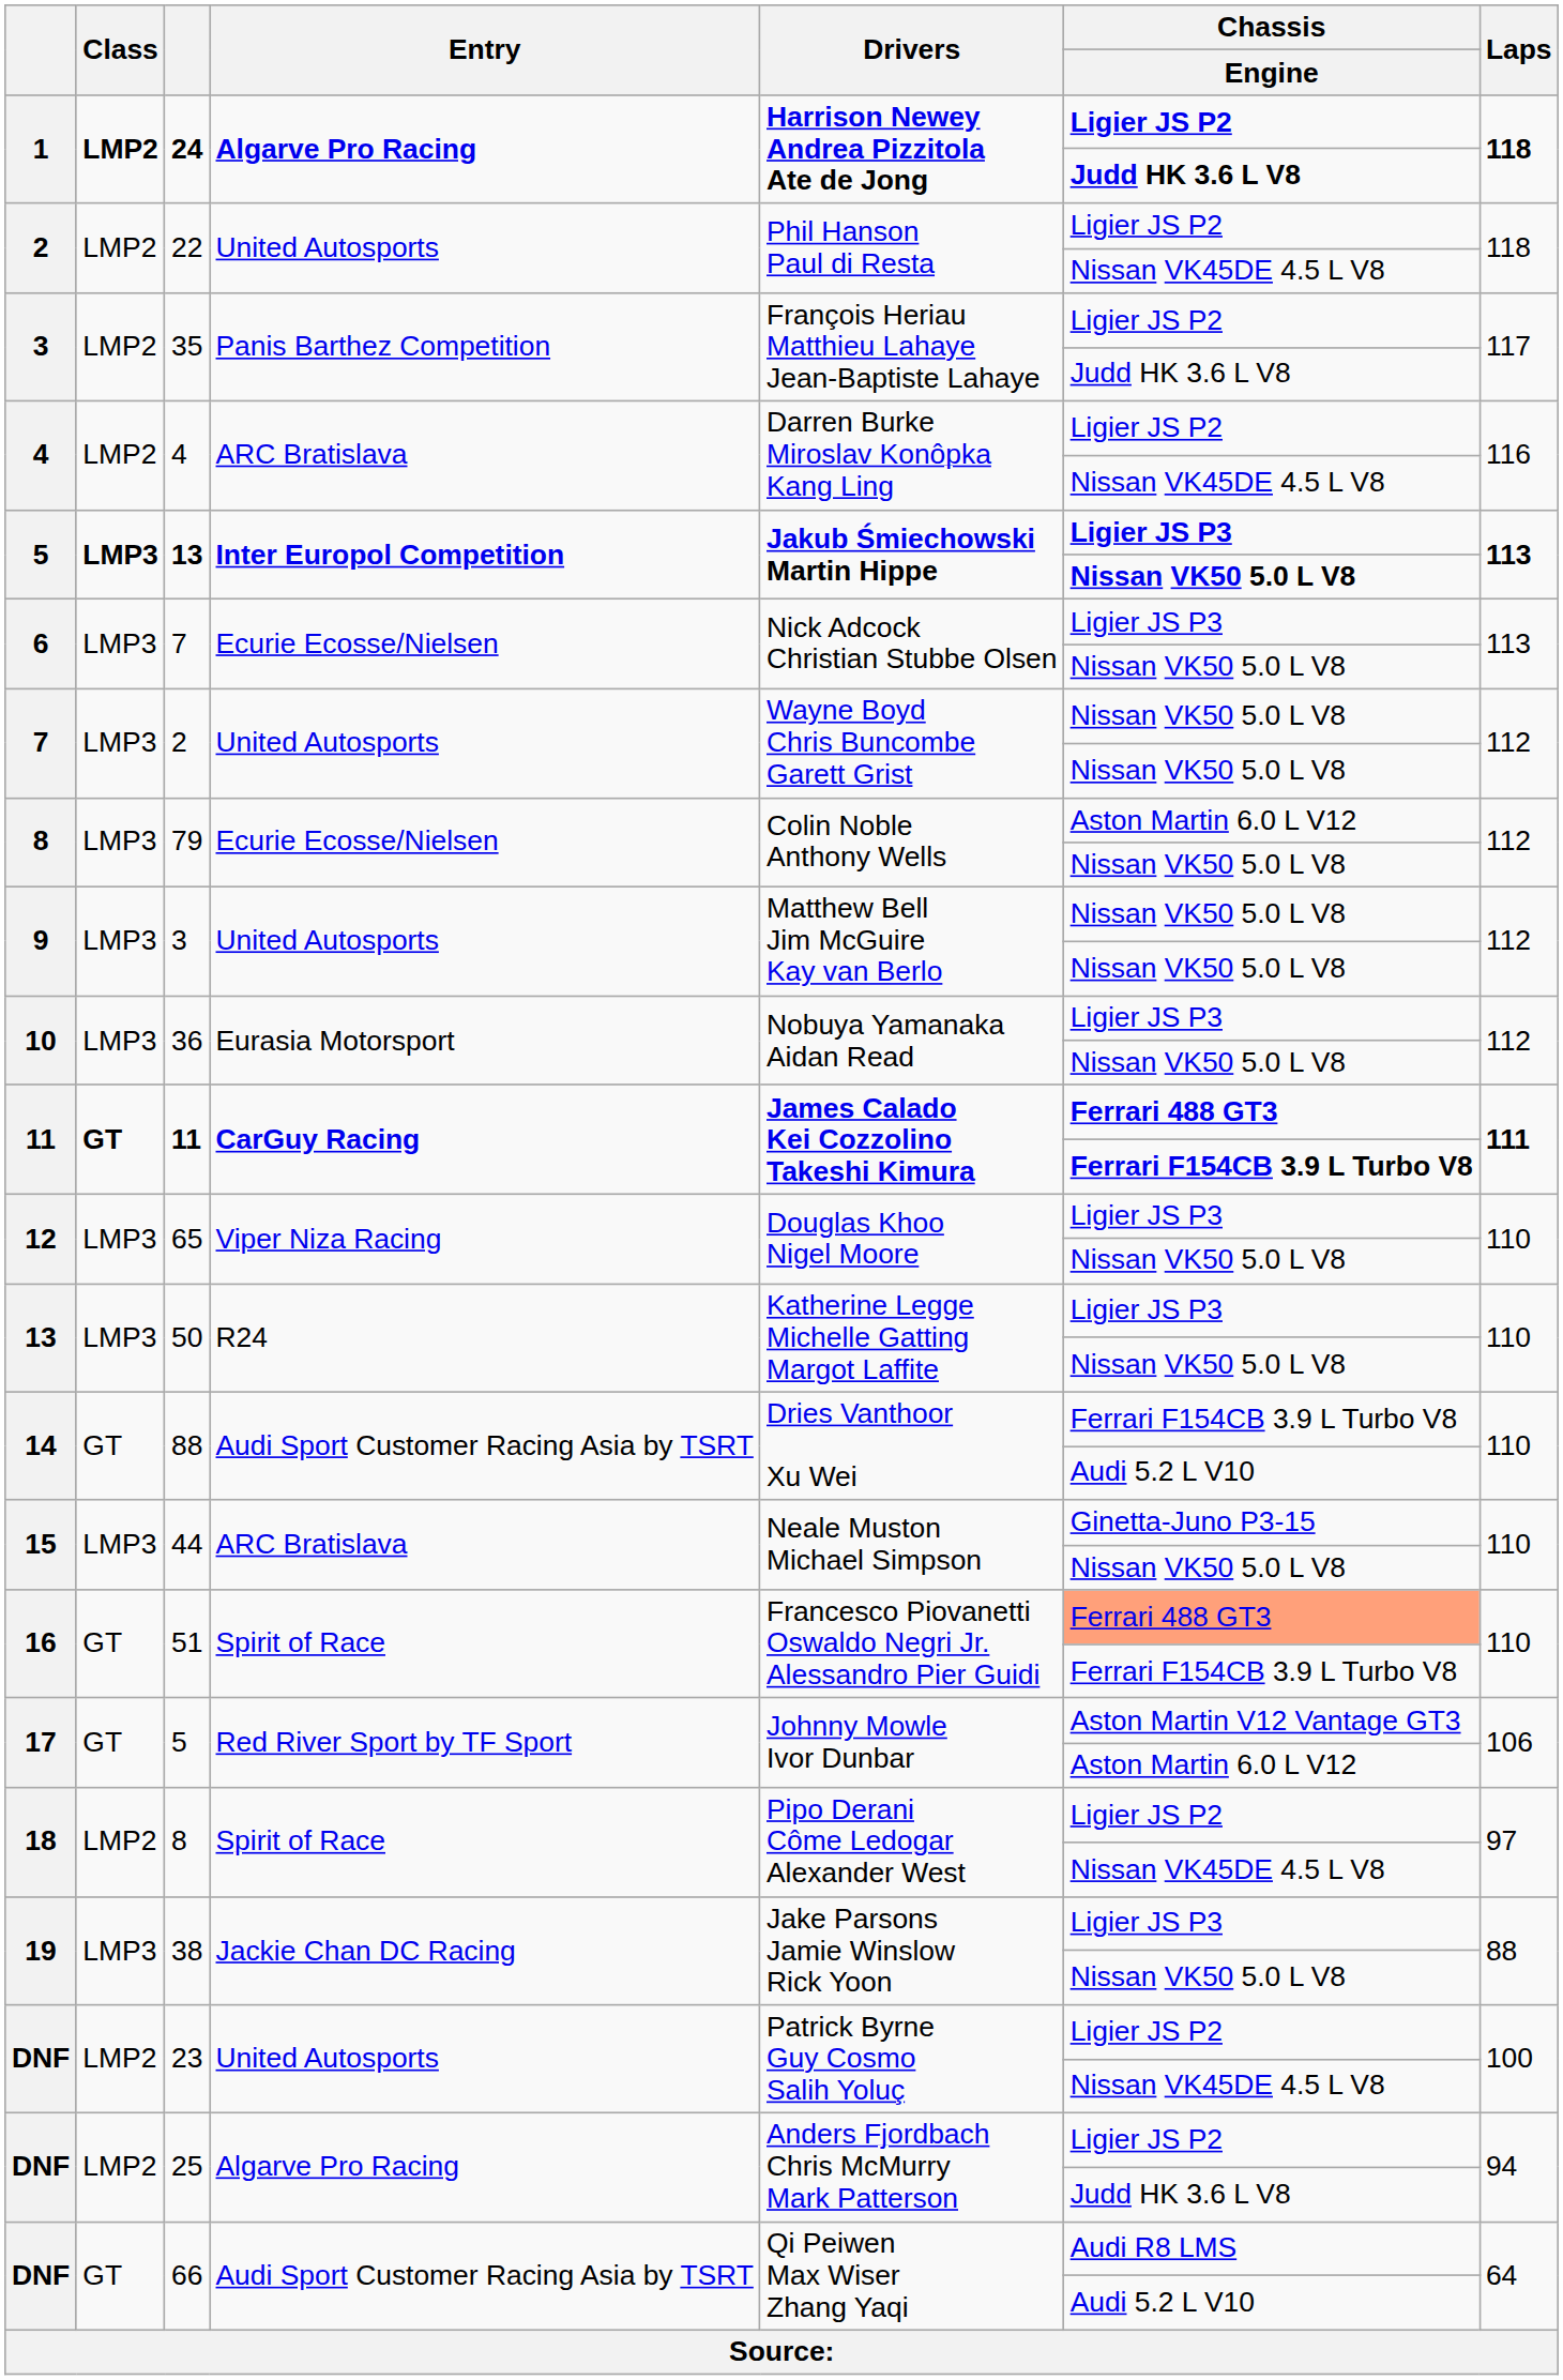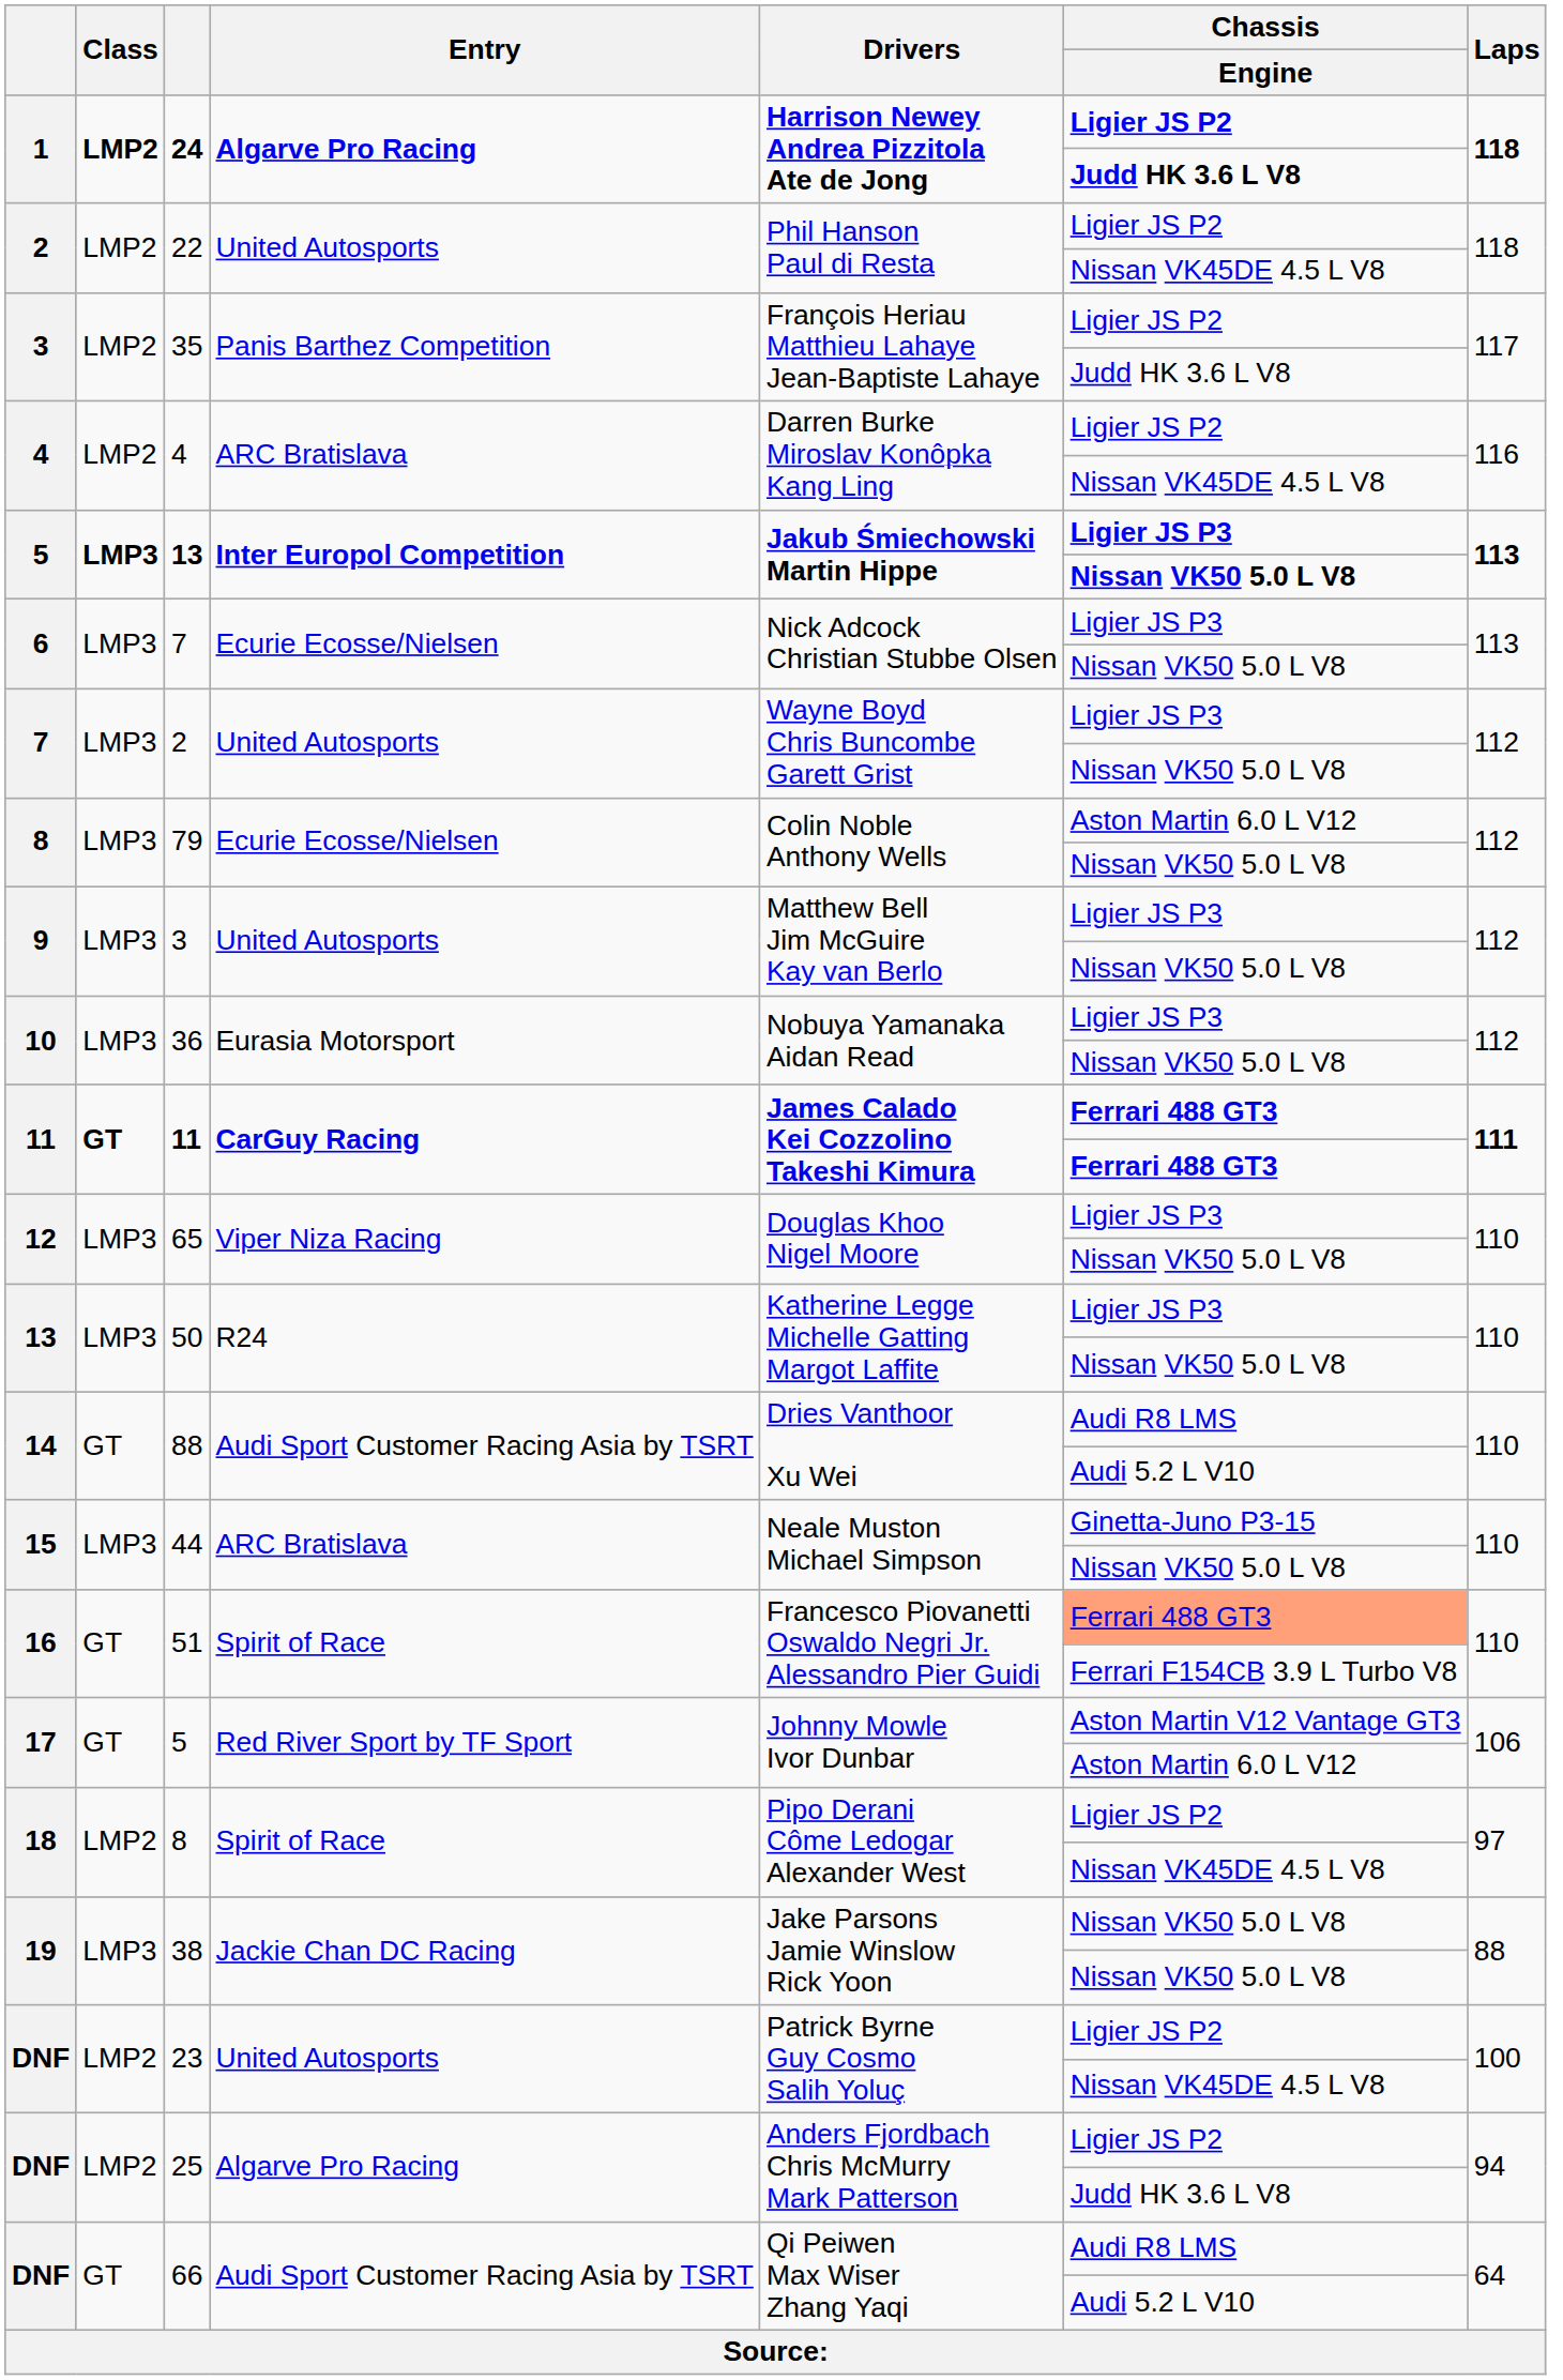 <table class="wikitable">
 <tr>
 <th rowspan="2"></th>
 <th rowspan="2">Class</th>
 <th rowspan="2"></th>
 <th rowspan="2">Entry</th>
 <th rowspan="2">Drivers</th>
 <th>Chassis</th>
 <th rowspan="2">Laps</th>
 </tr>
 <tr>
 <th>Engine</th>
 </tr>
 <tr>
 <th rowspan="2"><strong>1</strong></th>
 <td rowspan="2"><strong>LMP2</strong></td>
 <td rowspan="2"><strong>24</strong></td>
 <td rowspan="2"><strong> <a href='#'>Algarve Pro Racing</a></strong></td>
 <td rowspan="2"><strong> <a href='#'>Harrison Newey</a><br> <a href='#'>Andrea Pizzitola</a><br> Ate de Jong</strong></td>
 <td><strong><a href='#'>Ligier JS P2</a></strong></td>
 <td rowspan="2"><strong>118</strong></td>
 </tr>
 <tr>
 <td><strong><a href='#'>Judd</a> HK 3.6 L V8</strong></td>
 </tr>
 <tr>
 <th rowspan="2">2</th>
 <td rowspan="2">LMP2</td>
 <td rowspan="2">22</td>
 <td rowspan="2"> <a href='#'>United Autosports</a></td>
 <td rowspan="2"> <a href='#'>Phil Hanson</a><br> <a href='#'>Paul di Resta</a></td>
 <td><a href='#'>Ligier JS P2</a></td>
 <td rowspan="2">118</td>
 </tr>
 <tr>
 <td><a href='#'>Nissan</a> <a href='#'>VK45DE</a> 4.5 L V8</td>
 </tr>
 <tr>
 <th rowspan="2">3</th>
 <td rowspan="2">LMP2</td>
 <td rowspan="2">35</td>
 <td rowspan="2"> <a href='#'>Panis Barthez Competition</a></td>
 <td rowspan="2"> François Heriau<br> <a href='#'>Matthieu Lahaye</a><br> Jean-Baptiste Lahaye</td>
 <td><a href='#'>Ligier JS P2</a></td>
 <td rowspan="2">117</td>
 </tr>
 <tr>
 <td><a href='#'>Judd</a> HK 3.6 L V8</td>
 </tr>
 <tr>
 <th rowspan="2">4</th>
 <td rowspan="2">LMP2</td>
 <td rowspan="2">4</td>
 <td rowspan="2"> <a href='#'>ARC Bratislava</a></td>
 <td rowspan="2"> Darren Burke<br> <a href='#'>Miroslav Konôpka</a><br> <a href='#'>Kang Ling</a></td>
 <td><a href='#'>Ligier JS P2</a></td>
 <td rowspan="2">116</td>
 </tr>
 <tr>
 <td><a href='#'>Nissan</a> <a href='#'>VK45DE</a> 4.5 L V8</td>
 </tr>
 <tr>
 <th rowspan="2"><strong>5</strong></th>
 <td rowspan="2"><strong>LMP3</strong></td>
 <td rowspan="2"><strong>13</strong></td>
 <td rowspan="2"><strong> <a href='#'>Inter Europol Competition</a></strong></td>
 <td rowspan="2"><strong> <a href='#'>Jakub Śmiechowski</a><br> Martin Hippe</strong></td>
 <td><strong><a href='#'>Ligier JS P3</a></strong></td>
 <td rowspan="2"><strong>113</strong></td>
 </tr>
 <tr>
 <td><strong><a href='#'>Nissan</a> <a href='#'>VK50</a> 5.0 L V8</strong></td>
 </tr>
 <tr>
 <th rowspan="2">6</th>
 <td rowspan="2">LMP3</td>
 <td rowspan="2">7</td>
 <td rowspan="2"> <a href='#'>Ecurie Ecosse/Nielsen</a></td>
 <td rowspan="2"> Nick Adcock<br> Christian Stubbe Olsen</td>
 <td><a href='#'>Ligier JS P3</a></td>
 <td rowspan="2">113</td>
 </tr>
 <tr>
 <td><a href='#'>Nissan</a> <a href='#'>VK50</a> 5.0 L V8</td>
 </tr>
 <tr>
 <th rowspan="2">7</th>
 <td rowspan="2">LMP3</td>
 <td rowspan="2">2</td>
 <td rowspan="2"> <a href='#'>United Autosports</a></td>
 <td rowspan="2"> <a href='#'>Wayne Boyd</a><br> <a href='#'>Chris Buncombe</a><br> <a href='#'>Garett Grist</a></td>
-<td><a href='#'>Nissan</a> <a href='#'>VK50</a> 5.0 L V8</td>
+<td><a href='#'>Ligier JS P3</a></td>
 <td rowspan="2">112</td>
 </tr>
 <tr>
 <td><a href='#'>Nissan</a> <a href='#'>VK50</a> 5.0 L V8</td>
 </tr>
 <tr>
 <th rowspan="2">8</th>
 <td rowspan="2">LMP3</td>
 <td rowspan="2">79</td>
 <td rowspan="2"> <a href='#'>Ecurie Ecosse/Nielsen</a></td>
 <td rowspan="2"> Colin Noble<br> Anthony Wells</td>
 <td><a href='#'>Aston Martin</a> 6.0 L V12</td>
 <td rowspan="2">112</td>
 </tr>
 <tr>
 <td><a href='#'>Nissan</a> <a href='#'>VK50</a> 5.0 L V8</td>
 </tr>
 <tr>
 <th rowspan="2">9</th>
 <td rowspan="2">LMP3</td>
 <td rowspan="2">3</td>
 <td rowspan="2"> <a href='#'>United Autosports</a></td>
 <td rowspan="2"> Matthew Bell<br> Jim McGuire<br> <a href='#'>Kay van Berlo</a></td>
-<td><a href='#'>Nissan</a> <a href='#'>VK50</a> 5.0 L V8</td>
+<td><a href='#'>Ligier JS P3</a></td>
 <td rowspan="2">112</td>
 </tr>
 <tr>
 <td><a href='#'>Nissan</a> <a href='#'>VK50</a> 5.0 L V8</td>
 </tr>
 <tr>
 <th rowspan="2">10</th>
 <td rowspan="2">LMP3</td>
 <td rowspan="2">36</td>
 <td rowspan="2"> Eurasia Motorsport</td>
 <td rowspan="2"> Nobuya Yamanaka<br> Aidan Read</td>
 <td><a href='#'>Ligier JS P3</a></td>
 <td rowspan="2">112</td>
 </tr>
 <tr>
 <td><a href='#'>Nissan</a> <a href='#'>VK50</a> 5.0 L V8</td>
 </tr>
 <tr>
 <th rowspan="2">11</th>
 <td rowspan="2"><strong>GT</strong></td>
 <td rowspan="2"><strong>11</strong></td>
 <td rowspan="2"><strong> <a href='#'>CarGuy Racing</a></strong></td>
 <td rowspan="2"><strong> <a href='#'>James Calado</a><br> <a href='#'>Kei Cozzolino</a><br> <a href='#'>Takeshi Kimura</a></strong></td>
 <td><a href='#'><strong>Ferrari 488 GT3</strong></a></td>
 <td rowspan="2"><strong>111</strong></td>
 </tr>
 <tr>
-<td><strong><a href='#'>Ferrari F154CB</a> 3.9 L Turbo V8</strong></td>
+<td><a href='#'><strong>Ferrari 488 GT3</strong></a></td>
 </tr>
 <tr>
 <th rowspan="2">12</th>
 <td rowspan="2">LMP3</td>
 <td rowspan="2">65</td>
 <td rowspan="2"> <a href='#'>Viper Niza Racing</a></td>
 <td rowspan="2"> <a href='#'>Douglas Khoo</a><br> <a href='#'>Nigel Moore</a></td>
 <td><a href='#'>Ligier JS P3</a></td>
 <td rowspan="2">110</td>
 </tr>
 <tr>
 <td><a href='#'>Nissan</a> <a href='#'>VK50</a> 5.0 L V8</td>
 </tr>
 <tr>
 <th rowspan="2">13</th>
 <td rowspan="2">LMP3</td>
 <td rowspan="2">50</td>
 <td rowspan="2"> R24</td>
 <td rowspan="2"> <a href='#'>Katherine Legge</a><br> <a href='#'>Michelle Gatting</a><br> <a href='#'>Margot Laffite</a></td>
 <td><a href='#'>Ligier JS P3</a></td>
 <td rowspan="2">110</td>
 </tr>
 <tr>
 <td><a href='#'>Nissan</a> <a href='#'>VK50</a> 5.0 L V8</td>
 </tr>
 <tr>
 <th rowspan="2">14</th>
 <td rowspan="2">GT</td>
 <td rowspan="2">88</td>
 <td rowspan="2"> <a href='#'>Audi Sport</a> Customer Racing Asia by <a href='#'>TSRT</a></td>
 <td rowspan="2"> <a href='#'>Dries Vanthoor</a><br> <br> Xu Wei</td>
-<td><a href='#'>Ferrari F154CB</a> 3.9 L Turbo V8</td>
+<td><a href='#'>Audi R8 LMS</a></td>
 <td rowspan="2">110</td>
 </tr>
 <tr>
 <td><a href='#'>Audi</a> 5.2 L V10</td>
 </tr>
 <tr>
 <th rowspan="2">15</th>
 <td rowspan="2">LMP3</td>
 <td rowspan="2">44</td>
 <td rowspan="2"> <a href='#'>ARC Bratislava</a></td>
 <td rowspan="2"> Neale Muston<br> Michael Simpson</td>
 <td><a href='#'>Ginetta-Juno P3-15</a></td>
 <td rowspan="2">110</td>
 </tr>
 <tr>
 <td><a href='#'>Nissan</a> <a href='#'>VK50</a> 5.0 L V8</td>
 </tr>
 <tr>
 <th rowspan="2">16</th>
 <td rowspan="2">GT</td>
 <td rowspan="2">51</td>
 <td rowspan="2"> <a href='#'>Spirit of Race</a></td>
 <td rowspan="2"> Francesco Piovanetti<br> <a href='#'>Oswaldo Negri Jr.</a><br> <a href='#'>Alessandro Pier Guidi</a></td>
 <td style="background: lightsalmon;"><a href='#'>Ferrari 488 GT3</a></td>
 <td rowspan="2">110</td>
 </tr>
 <tr>
 <td><a href='#'>Ferrari F154CB</a> 3.9 L Turbo V8</td>
 </tr>
 <tr>
 <th rowspan="2">17</th>
 <td rowspan="2">GT</td>
 <td rowspan="2">5</td>
 <td rowspan="2"> <a href='#'>Red River Sport by TF Sport</a></td>
 <td rowspan="2"> <a href='#'>Johnny Mowle</a><br> Ivor Dunbar</td>
 <td><a href='#'>Aston Martin V12 Vantage GT3</a></td>
 <td rowspan="2">106</td>
 </tr>
 <tr>
 <td><a href='#'>Aston Martin</a> 6.0 L V12</td>
 </tr>
 <tr>
 <th rowspan="2">18</th>
 <td rowspan="2">LMP2</td>
 <td rowspan="2">8</td>
 <td rowspan="2"> <a href='#'>Spirit of Race</a></td>
 <td rowspan="2"> <a href='#'>Pipo Derani</a><br> <a href='#'>Côme Ledogar</a><br> Alexander West</td>
 <td><a href='#'>Ligier JS P2</a></td>
 <td rowspan="2">97</td>
 </tr>
 <tr>
 <td><a href='#'>Nissan</a> <a href='#'>VK45DE</a> 4.5 L V8</td>
 </tr>
 <tr>
 <th rowspan="2">19</th>
 <td rowspan="2">LMP3</td>
 <td rowspan="2">38</td>
 <td rowspan="2"> <a href='#'>Jackie Chan DC Racing</a></td>
 <td rowspan="2"> Jake Parsons<br> Jamie Winslow<br> Rick Yoon</td>
-<td><a href='#'>Ligier JS P3</a></td>
+<td><a href='#'>Nissan</a> <a href='#'>VK50</a> 5.0 L V8</td>
 <td rowspan="2">88</td>
 </tr>
 <tr>
 <td><a href='#'>Nissan</a> <a href='#'>VK50</a> 5.0 L V8</td>
 </tr>
 <tr>
 <th rowspan="2">DNF</th>
 <td rowspan="2">LMP2</td>
 <td rowspan="2">23</td>
 <td rowspan="2"> <a href='#'>United Autosports</a></td>
 <td rowspan="2"> Patrick Byrne<br> <a href='#'>Guy Cosmo</a><br> <a href='#'>Salih Yoluç</a></td>
 <td><a href='#'>Ligier JS P2</a></td>
 <td rowspan="2">100</td>
 </tr>
 <tr>
 <td><a href='#'>Nissan</a> <a href='#'>VK45DE</a> 4.5 L V8</td>
 </tr>
 <tr>
 <th rowspan="2">DNF</th>
 <td rowspan="2">LMP2</td>
 <td rowspan="2">25</td>
 <td rowspan="2"> <a href='#'>Algarve Pro Racing</a></td>
 <td rowspan="2"> <a href='#'>Anders Fjordbach</a><br> Chris McMurry<br> <a href='#'>Mark Patterson</a></td>
 <td><a href='#'>Ligier JS P2</a></td>
 <td rowspan="2">94</td>
 </tr>
 <tr>
 <td><a href='#'>Judd</a> HK 3.6 L V8</td>
 </tr>
 <tr>
 <th rowspan="2">DNF</th>
 <td rowspan="2">GT</td>
 <td rowspan="2">66</td>
 <td rowspan="2"> <a href='#'>Audi Sport</a> Customer Racing Asia by <a href='#'>TSRT</a></td>
 <td rowspan="2"> Qi Peiwen<br> Max Wiser<br> Zhang Yaqi</td>
 <td><a href='#'>Audi R8 LMS</a></td>
 <td rowspan="2">64</td>
 </tr>
 <tr>
 <td><a href='#'>Audi</a> 5.2 L V10</td>
 </tr>
 <tr>
 <th colspan="7">Source:</th>
 </tr>
 </table>
